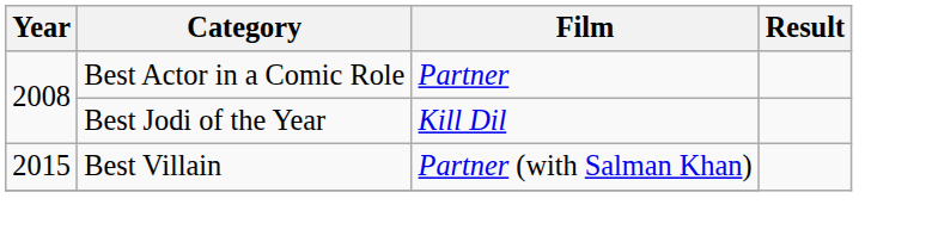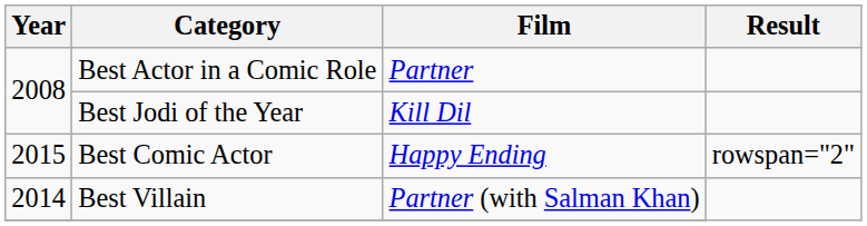 <table class="wikitable">
 <tr style="background:#ebf5ff;">
 <th>Year</th>
 <th>Category</th>
 <th>Film</th>
 <th>Result</th>
 </tr>
 <tr>
 <td rowspan="2">2008</td>
 <td>Best Actor in a Comic Role</td>
 <td><em><a href='#'>Partner</a></em></td>
 <td></td>
 </tr>
 <tr>
 <td>Best Jodi of the Year</td>
 <td><em><a href='#'>Kill Dil</a></em></td>
 <td></td>
 </tr>
 <tr>
 <td>2015</td>
+<td>Best Comic Actor</td>
+<td><em><a href='#'>Happy Ending</a></em></td>
+<td>rowspan="2" </td>
+</tr>
+<tr>
+<td>2014</td>
 <td>Best Villain</td>
 <td><em><a href='#'>Partner</a></em> (with <a href='#'>Salman Khan</a>)</td>
 </tr>
 <tr>
 </tr>
 </table>
